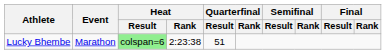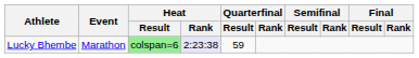 <table class="wikitable" style="font-size:90%">
 <tr>
 <th rowspan="2">Athlete</th>
 <th rowspan="2">Event</th>
 <th colspan="2">Heat</th>
 <th colspan="2">Quarterfinal</th>
 <th colspan="2">Semifinal</th>
 <th colspan="2">Final</th>
 </tr>
 <tr style="font-size:95%">
 <th>Result</th>
 <th>Rank</th>
 <th>Result</th>
 <th>Rank</th>
 <th>Result</th>
 <th>Rank</th>
 <th>Result</th>
 <th>Rank</th>
 </tr>
 <tr align=center>
 <td align=left><a href='#'>Lucky Bhembe</a></td>
 <td align=left><a href='#'>Marathon</a></td>
 <td style="background: lightgreen;">colspan=6 </td>
-<td>2:23:38</td>
-<td>51</td>
+<td style="background: lavender;">2:23:38</td>
+<td>59</td>
 </tr>
 </table>
